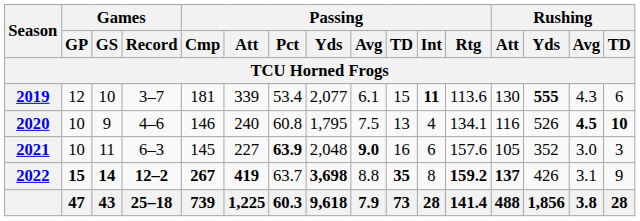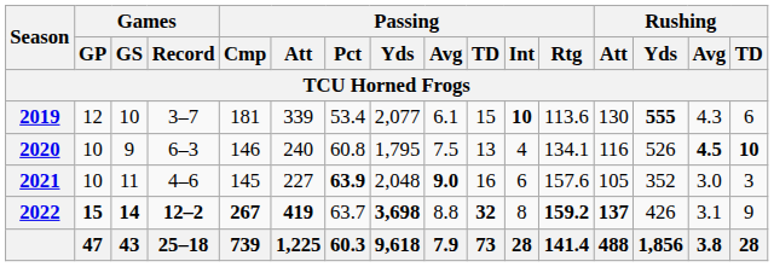 <table class="wikitable" style="text-align:center;">
 <tr>
 <th rowspan="2">Season</th>
 <th colspan="3">Games</th>
 <th colspan="8">Passing</th>
 <th colspan="5">Rushing</th>
 </tr>
 <tr>
 <th>GP</th>
 <th>GS</th>
 <th>Record</th>
 <th>Cmp</th>
 <th>Att</th>
 <th>Pct</th>
 <th>Yds</th>
 <th>Avg</th>
 <th>TD</th>
 <th>Int</th>
 <th>Rtg</th>
 <th>Att</th>
 <th>Yds</th>
 <th>Avg</th>
 <th>TD</th>
 </tr>
 <tr>
 <th colspan="16">TCU Horned Frogs</th>
 </tr>
 <tr>
 <th><a href='#'>2019</a></th>
 <td>12</td>
 <td>10</td>
 <td>3–7</td>
 <td>181</td>
 <td>339</td>
 <td>53.4</td>
 <td>2,077</td>
 <td>6.1</td>
 <td>15</td>
-<td><strong>11</strong></td>
+<td><strong>10</strong></td>
 <td>113.6</td>
 <td>130</td>
 <td><strong>555</strong></td>
 <td>4.3</td>
 <td>6</td>
 </tr>
 <tr>
 <th><a href='#'>2020</a></th>
 <td>10</td>
 <td>9</td>
-<td>4–6</td>
+<td>6–3</td>
 <td>146</td>
 <td>240</td>
 <td>60.8</td>
 <td>1,795</td>
 <td>7.5</td>
 <td>13</td>
 <td>4</td>
 <td>134.1</td>
 <td>116</td>
 <td>526</td>
 <td><strong>4.5</strong></td>
 <td><strong>10</strong></td>
 </tr>
 <tr>
 <th><a href='#'>2021</a></th>
 <td>10</td>
 <td>11</td>
-<td>6–3</td>
+<td>4–6</td>
 <td>145</td>
 <td>227</td>
 <td><strong>63.9</strong></td>
 <td>2,048</td>
 <td><strong>9.0</strong></td>
 <td>16</td>
 <td>6</td>
 <td>157.6</td>
 <td>105</td>
 <td>352</td>
 <td>3.0</td>
 <td>3</td>
 </tr>
 <tr>
 <th><a href='#'>2022</a></th>
 <td><strong>15</strong></td>
 <td><strong>14</strong></td>
 <td><strong>12–2</strong></td>
 <td><strong>267</strong></td>
 <td><strong>419</strong></td>
 <td>63.7</td>
 <td><strong>3,698</strong></td>
 <td>8.8</td>
-<td><strong>35</strong></td>
+<td><strong>32</strong></td>
 <td>8</td>
 <td><strong>159.2</strong></td>
 <td><strong>137</strong></td>
 <td>426</td>
 <td>3.1</td>
 <td>9</td>
 </tr>
 <tr>
 <th></th>
 <th>47</th>
 <th>43</th>
 <th>25–18</th>
 <th>739</th>
 <th>1,225</th>
 <th>60.3</th>
 <th>9,618</th>
 <th>7.9</th>
 <th>73</th>
 <th>28</th>
 <th>141.4</th>
 <th>488</th>
 <th>1,856</th>
 <th>3.8</th>
 <th>28</th>
 </tr>
 </table>
